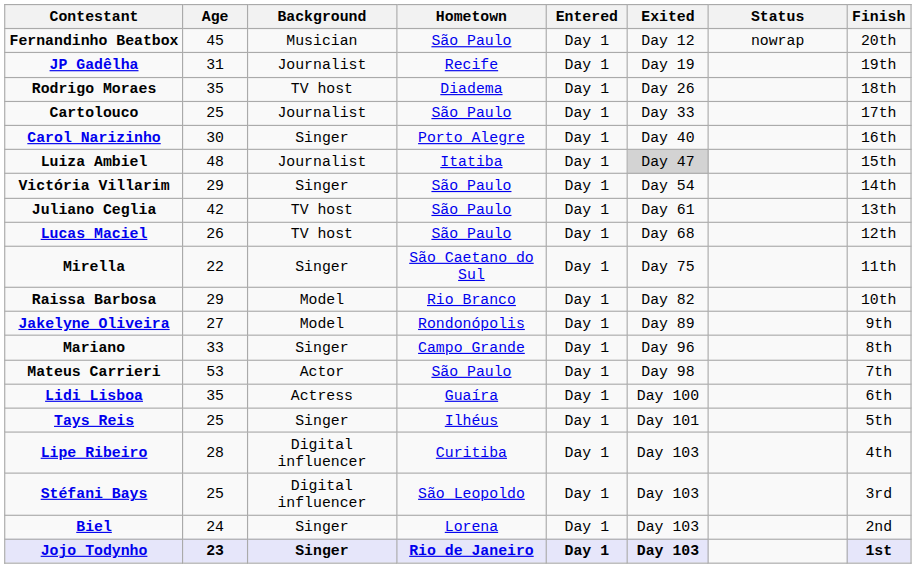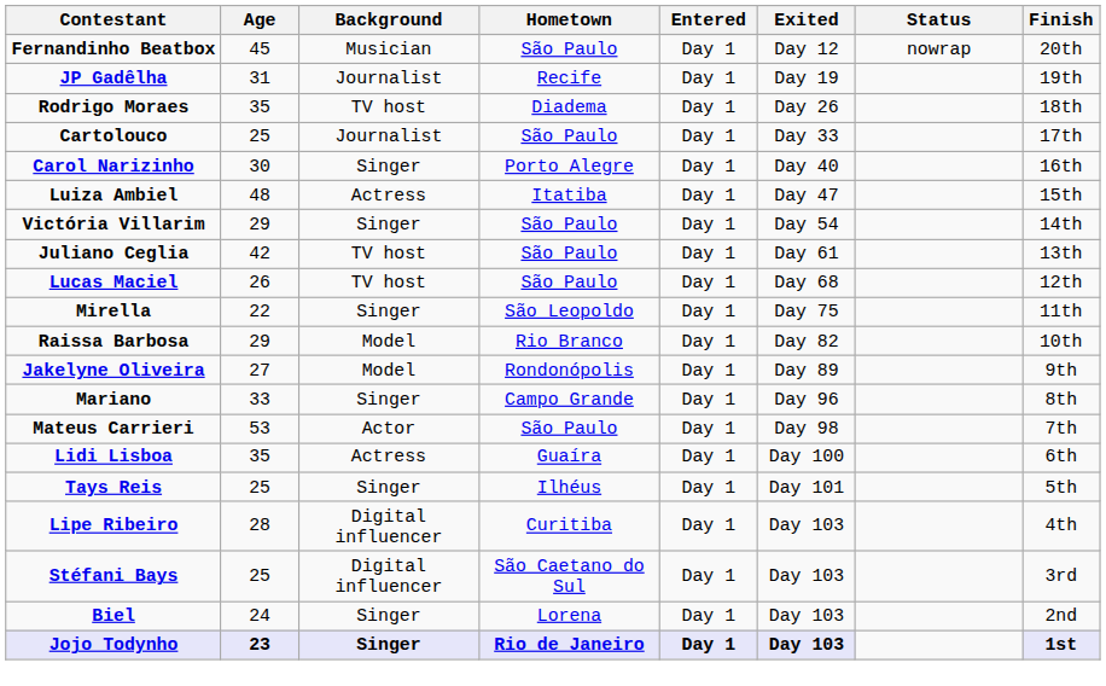 <table class= "wikitable sortable" style="text-align: center; margin:auto; align: center">
 <tr>
 <th width=150>Contestant</th>
 <th width=050>Age</th>
 <th width=125>Background</th>
 <th width=125>Hometown</th>
 <th width=065>Entered</th>
 <th width=065>Exited</th>
 <th width=115>Status</th>
 <th width=050>Finish</th>
 </tr>
 <tr>
 <td nowrap><strong>Fernandinho Beatbox</strong></td>
 <td>45</td>
 <td>Musician</td>
 <td><a href='#'>São Paulo</a></td>
 <td>Day 1</td>
 <td>Day 12</td>
 <td>nowrap </td>
 <td>20th</td>
 </tr>
 <tr>
 <td><strong><a href='#'>JP Gadêlha</a></strong></td>
 <td>31</td>
 <td>Journalist</td>
 <td><a href='#'>Recife</a></td>
 <td>Day 1</td>
 <td>Day 19</td>
 <td></td>
 <td>19th</td>
 </tr>
 <tr>
 <td><strong>Rodrigo Moraes</strong></td>
 <td>35</td>
 <td>TV host</td>
 <td><a href='#'>Diadema</a></td>
 <td>Day 1</td>
 <td>Day 26</td>
 <td></td>
 <td>18th</td>
 </tr>
 <tr>
 <td><strong>Cartolouco</strong> </td>
 <td>25</td>
 <td>Journalist</td>
 <td><a href='#'>São Paulo</a></td>
 <td>Day 1</td>
 <td>Day 33</td>
 <td></td>
 <td>17th</td>
 </tr>
 <tr>
 <td><strong><a href='#'>Carol Narizinho</a></strong></td>
 <td>30</td>
 <td>Singer</td>
 <td><a href='#'>Porto Alegre</a></td>
 <td>Day 1</td>
 <td>Day 40</td>
 <td></td>
 <td>16th</td>
 </tr>
 <tr>
 <td><strong>Luiza Ambiel</strong></td>
 <td>48</td>
-<td>Journalist</td>
+<td>Actress</td>
 <td><a href='#'>Itatiba</a></td>
 <td>Day 1</td>
-<td style="background: lightgrey;">Day 47</td>
+<td>Day 47</td>
 <td></td>
 <td>15th</td>
 </tr>
 <tr>
 <td><strong>Victória Villarim</strong></td>
 <td>29</td>
 <td>Singer</td>
 <td><a href='#'>São Paulo</a></td>
 <td>Day 1</td>
 <td>Day 54</td>
 <td></td>
 <td>14th</td>
 </tr>
 <tr>
 <td><strong>Juliano Ceglia</strong></td>
 <td>42</td>
 <td>TV host</td>
 <td><a href='#'>São Paulo</a></td>
 <td>Day 1</td>
 <td>Day 61</td>
 <td></td>
 <td>13th</td>
 </tr>
 <tr>
 <td><strong><a href='#'>Lucas Maciel</a></strong></td>
 <td>26</td>
 <td>TV host</td>
 <td><a href='#'>São Paulo</a></td>
 <td>Day 1</td>
 <td>Day 68</td>
 <td></td>
 <td>12th</td>
 </tr>
 <tr>
 <td><strong>Mirella</strong></td>
 <td>22</td>
 <td>Singer</td>
-<td><a href='#'>São Caetano do Sul</a></td>
+<td><a href='#'>São Leopoldo</a></td>
 <td>Day 1</td>
 <td>Day 75</td>
 <td></td>
 <td>11th</td>
 </tr>
 <tr>
 <td><strong>Raissa Barbosa</strong></td>
 <td>29</td>
 <td>Model</td>
 <td><a href='#'>Rio Branco</a></td>
 <td>Day 1</td>
 <td>Day 82</td>
 <td></td>
 <td>10th</td>
 </tr>
 <tr>
 <td><strong><a href='#'>Jakelyne Oliveira</a></strong></td>
 <td>27</td>
 <td>Model</td>
 <td><a href='#'>Rondonópolis</a></td>
 <td>Day 1</td>
 <td>Day 89</td>
 <td></td>
 <td>9th</td>
 </tr>
 <tr>
 <td><strong>Mariano</strong></td>
 <td>33</td>
 <td>Singer</td>
 <td><a href='#'>Campo Grande</a></td>
 <td>Day 1</td>
 <td>Day 96</td>
 <td></td>
 <td>8th</td>
 </tr>
 <tr>
 <td><strong>Mateus Carrieri</strong></td>
 <td>53</td>
 <td>Actor</td>
 <td><a href='#'>São Paulo</a></td>
 <td>Day 1</td>
 <td>Day 98</td>
 <td></td>
 <td>7th</td>
 </tr>
 <tr>
 <td><strong><a href='#'>Lidi Lisboa</a></strong></td>
 <td>35</td>
 <td>Actress</td>
 <td><a href='#'>Guaíra</a></td>
 <td>Day 1</td>
 <td>Day 100</td>
 <td></td>
 <td>6th</td>
 </tr>
 <tr>
 <td><strong><a href='#'>Tays Reis</a></strong></td>
 <td>25</td>
 <td>Singer</td>
 <td><a href='#'>Ilhéus</a></td>
 <td>Day 1</td>
 <td>Day 101</td>
 <td></td>
 <td>5th</td>
 </tr>
 <tr>
 <td><strong><a href='#'>Lipe Ribeiro</a></strong></td>
 <td>28</td>
 <td>Digital influencer</td>
 <td><a href='#'>Curitiba</a></td>
 <td>Day 1</td>
 <td>Day 103</td>
 <td><br></td>
 <td>4th</td>
 </tr>
 <tr>
 <td><strong><a href='#'>Stéfani Bays</a></strong></td>
 <td>25</td>
 <td>Digital influencer</td>
-<td><a href='#'>São Leopoldo</a></td>
+<td><a href='#'>São Caetano do Sul</a></td>
 <td>Day 1</td>
 <td>Day 103</td>
 <td><br></td>
 <td>3rd</td>
 </tr>
 <tr>
 <td><strong><a href='#'>Biel</a></strong></td>
 <td>24</td>
 <td>Singer</td>
 <td><a href='#'>Lorena</a></td>
 <td>Day 1</td>
 <td>Day 103</td>
 <td><br></td>
 <td>2nd</td>
 </tr>
 <tr>
 <td bgcolor="E6E6FA"><strong><a href='#'>Jojo Todynho</a></strong></td>
 <td bgcolor="E6E6FA"><strong>23</strong></td>
 <td bgcolor="E6E6FA"><strong>Singer</strong></td>
 <td bgcolor="E6E6FA"><strong><a href='#'>Rio de Janeiro</a></strong></td>
 <td bgcolor="E6E6FA"><strong>Day 1</strong></td>
 <td bgcolor="E6E6FA"><strong>Day 103</strong></td>
 <td></td>
 <td bgcolor="E6E6FA"><strong>1st</strong></td>
 </tr>
 </table>
